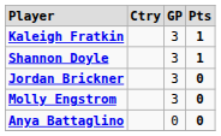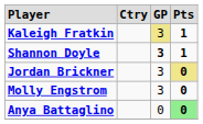 <table class="wikitable">
 <tr align="center" style="font-weight:bold; background-color:#dddddd;" |>
 <td align="left">Player</td>
 <td>Ctry</td>
 <td>GP</td>
 <td>Pts</td>
 </tr>
 <tr align="center">
 <td align="left"><strong><a href='#'>Kaleigh Fratkin</a></strong></td>
 <td></td>
-<td>3</td>
+<td style="background: khaki;">3</td>
 <td><strong>1</strong></td>
 </tr>
 <tr align="center">
 <td align="left"><strong><a href='#'>Shannon Doyle</a></strong></td>
 <td></td>
-<td>3</td>
+<td><strong>3</strong></td>
 <td><strong>1</strong></td>
 </tr>
 <tr align="center">
 <td align="left"><strong><a href='#'>Jordan Brickner</a></strong></td>
 <td></td>
 <td>3</td>
-<td><strong>0</strong></td>
+<td style="background: khaki;"><strong>0</strong></td>
 </tr>
 <tr align="center">
 <td align="left"><strong><a href='#'>Molly Engstrom</a></strong></td>
 <td></td>
 <td>3</td>
 <td><strong>0</strong></td>
 </tr>
 <tr align="center">
 <td align="left"><strong><a href='#'>Anya Battaglino</a></strong></td>
 <td></td>
 <td>0</td>
-<td><strong>0</strong></td>
+<td style="background: lightgreen;"><strong>0</strong></td>
 </tr>
 <tr align="center">
 </tr>
 </table>
